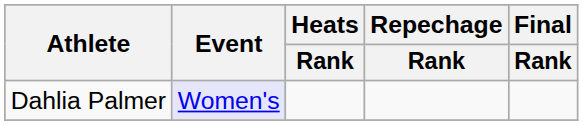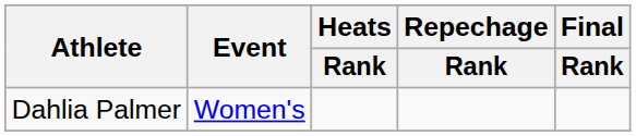 <table class=wikitable style="font-size:90%;">
 <tr>
 <th rowspan=2>Athlete</th>
 <th rowspan=2>Event</th>
 <th>Heats</th>
 <th>Repechage</th>
 <th>Final</th>
 </tr>
 <tr style="font-size:95%">
 <th>Rank</th>
 <th>Rank</th>
 <th>Rank</th>
 </tr>
 <tr align=center>
 <td align=left>Dahlia Palmer</td>
-<td align=left style="background: lavender;"><a href='#'>Women's</a></td>
+<td align=left><a href='#'>Women's</a></td>
 <td></td>
 <td></td>
 <td></td>
 </tr>
 </table>
